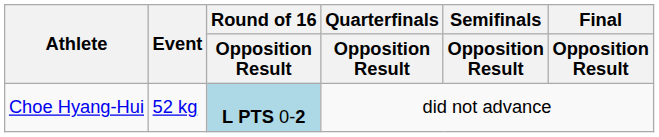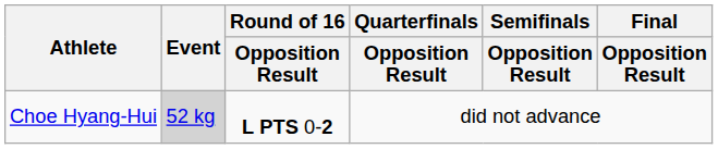 <table class="wikitable" border="1" style="font-size:90%">
 <tr>
 <th rowspan=2>Athlete</th>
 <th rowspan=2>Event</th>
 <th>Round of 16</th>
 <th>Quarterfinals</th>
 <th>Semifinals</th>
 <th>Final</th>
 </tr>
 <tr>
 <th>Opposition<br>Result</th>
 <th>Opposition<br>Result</th>
 <th>Opposition<br>Result</th>
 <th>Opposition<br>Result</th>
 </tr>
 <tr>
 <td><a href='#'>Choe Hyang-Hui</a></td>
-<td><a href='#'>52 kg</a></td>
-<td align=center style="background: lightblue;"><br><strong>L</strong> <strong>PTS</strong> 0-<strong>2</strong></td>
+<td style="background: lightgrey;"><a href='#'>52 kg</a></td>
+<td align=center><br><strong>L</strong> <strong>PTS</strong> 0-<strong>2</strong></td>
 <td align=center colspan="7">did not advance</td>
 </tr>
 </table>
